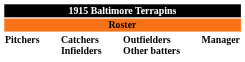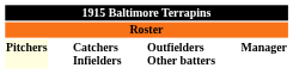 <table class="toccolours" style="font-size: 95%;">
 <tr>
 <th colspan="10" style="background-color: black; color: white; text-align: center;">1915 Baltimore Terrapins</th>
 </tr>
 <tr>
 <td colspan="10" style="background-color: #F87217; color: black; text-align: center;"><strong>Roster</strong></td>
 </tr>
 <tr>
-<td valign="top"><strong>Pitchers</strong><br>            </td>
+<td valign="top" style="background: lightyellow;"><strong>Pitchers</strong><br>            </td>
 <td width="25px"></td>
 <td valign="top"><strong>Catchers</strong><br>     <strong>Infielders</strong>              </td>
 <td width="25px"></td>
 <td valign="top"><strong>Outfielders</strong><br>      <strong>Other batters</strong> </td>
 <td width="25px"></td>
 <td valign="top"><strong>Manager</strong><br></td>
 </tr>
 </table>
